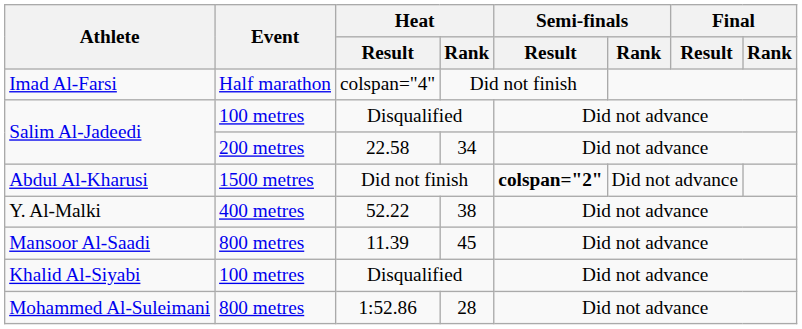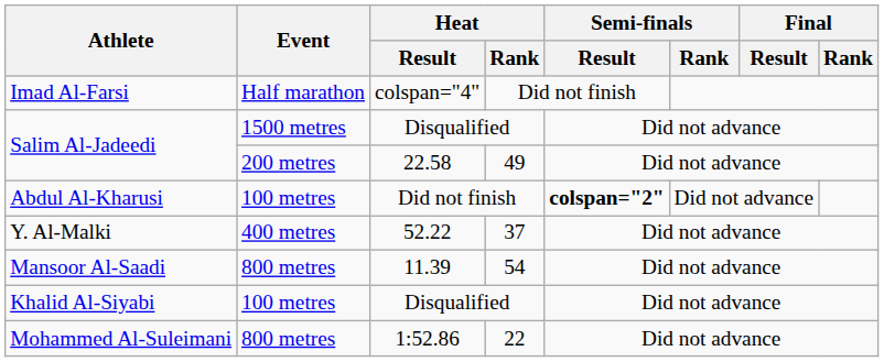 <table class="wikitable" style="font-size:90%; text-align:center">
 <tr>
 <th rowspan="2">Athlete</th>
 <th rowspan="2">Event</th>
 <th colspan="2">Heat</th>
 <th colspan="2">Semi-finals</th>
 <th colspan="2">Final</th>
 </tr>
 <tr>
 <th>Result</th>
 <th>Rank</th>
 <th>Result</th>
 <th>Rank</th>
 <th>Result</th>
 <th>Rank</th>
 </tr>
 <tr>
 <td align="left"><a href='#'>Imad Al-Farsi</a></td>
 <td align="left"><a href='#'>Half marathon</a></td>
 <td>colspan="4" </td>
 <td colspan="2">Did not finish</td>
 </tr>
 <tr>
 <td align="left" rowspan=2><a href='#'>Salim Al-Jadeedi</a></td>
-<td align="left"><a href='#'>100 metres</a></td>
+<td align="left"><a href='#'>1500 metres</a></td>
 <td colspan="2">Disqualified</td>
 <td colspan="4">Did not advance</td>
 </tr>
 <tr>
 <td align="left"><a href='#'>200 metres</a></td>
 <td>22.58</td>
-<td>34</td>
+<td>49</td>
 <td colspan="4">Did not advance</td>
 </tr>
 <tr>
 <td align="left"><a href='#'>Abdul Al-Kharusi</a></td>
-<td align="left"><a href='#'>1500 metres</a></td>
+<td align="left"><a href='#'>100 metres</a></td>
 <td colspan="2">Did not finish</td>
 <td><strong>colspan="2" </strong></td>
 <td colspan="2">Did not advance</td>
 </tr>
 <tr>
 <td align="left">Y. Al-Malki</td>
 <td align="left"><a href='#'>400 metres</a></td>
 <td>52.22</td>
-<td>38</td>
+<td>37</td>
 <td colspan="4">Did not advance</td>
 </tr>
 <tr>
 <td align="left"><a href='#'>Mansoor Al-Saadi</a></td>
 <td align="left"><a href='#'>800 metres</a></td>
 <td>11.39</td>
-<td>45</td>
+<td>54</td>
 <td colspan="4">Did not advance</td>
 </tr>
 <tr>
 <td align="left"><a href='#'>Khalid Al-Siyabi</a></td>
 <td align="left"><a href='#'>100 metres</a></td>
 <td colspan="2">Disqualified</td>
 <td colspan="4">Did not advance</td>
 </tr>
 <tr>
 <td align="left"><a href='#'>Mohammed Al-Suleimani</a></td>
 <td align="left"><a href='#'>800 metres</a></td>
 <td>1:52.86</td>
-<td>28</td>
+<td>22</td>
 <td colspan="4">Did not advance</td>
 </tr>
 </table>
